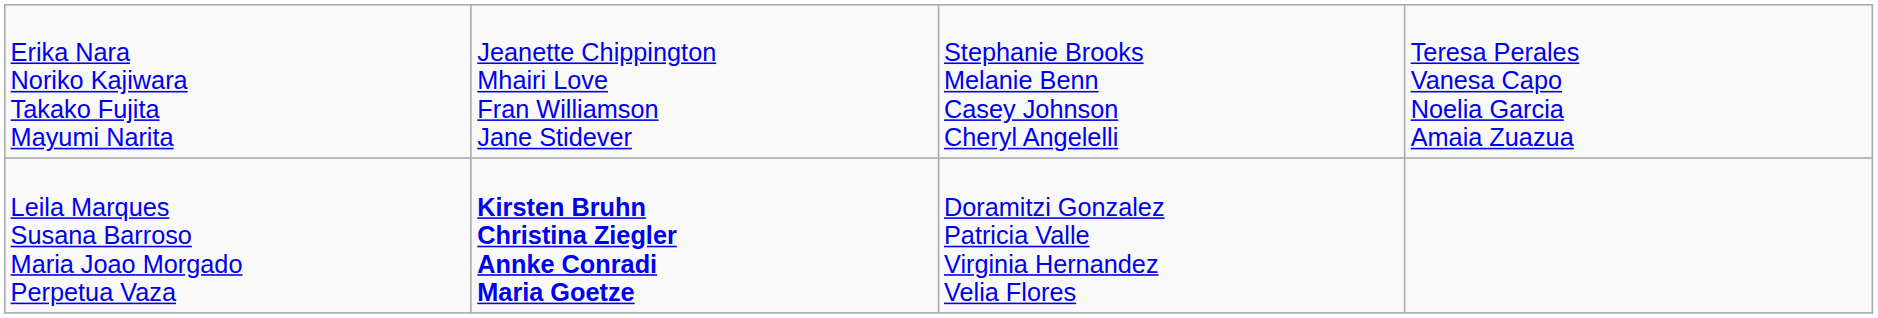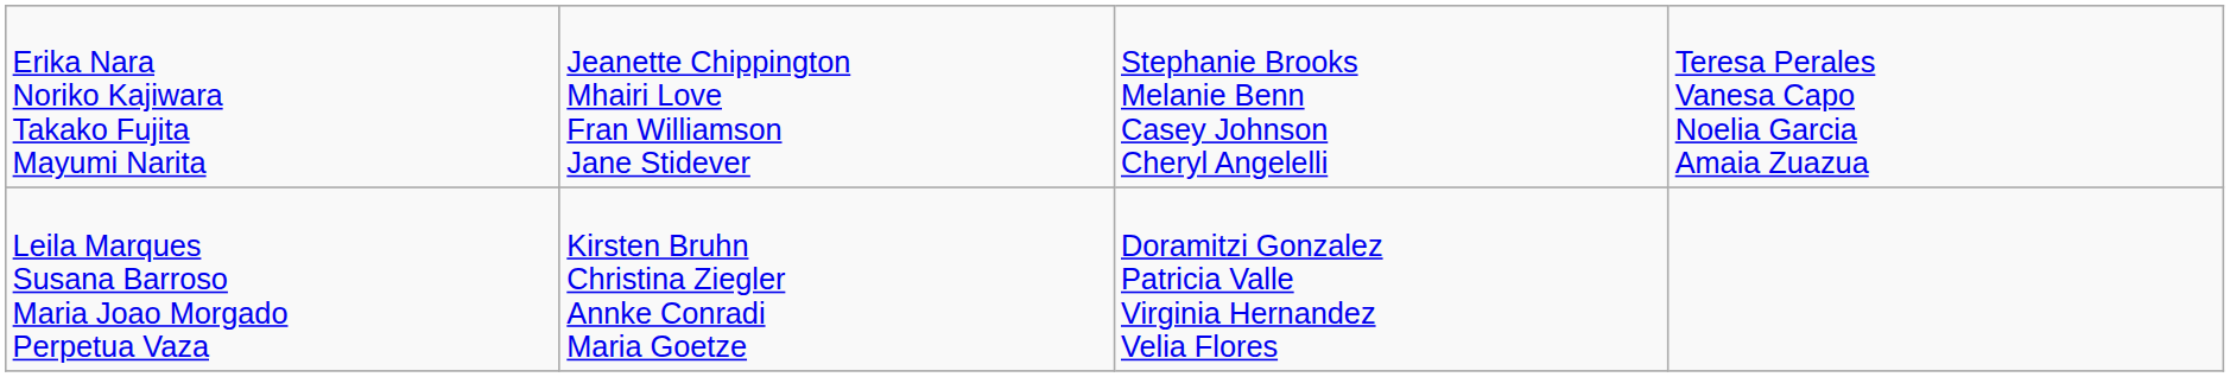 <table class="wikitable">
 <tr>
 <td style="vertical-align:top; width:18em"><br><a href='#'>Erika Nara</a><br><a href='#'>Noriko Kajiwara</a><br><a href='#'>Takako Fujita</a><br><a href='#'>Mayumi Narita</a></td>
 <td style="vertical-align:top; width:18em"><br><a href='#'>Jeanette Chippington</a><br><a href='#'>Mhairi Love</a><br><a href='#'>Fran Williamson</a><br><a href='#'>Jane Stidever</a></td>
 <td style="vertical-align:top; width:18em"><br><a href='#'>Stephanie Brooks</a><br><a href='#'>Melanie Benn</a><br><a href='#'>Casey Johnson</a><br><a href='#'>Cheryl Angelelli</a></td>
 <td style="vertical-align:top; width:18em"><br><a href='#'>Teresa Perales</a><br><a href='#'>Vanesa Capo</a><br><a href='#'>Noelia Garcia</a><br><a href='#'>Amaia Zuazua</a></td>
 </tr>
 <tr>
 <td style="vertical-align:top; width:18em"><br><a href='#'>Leila Marques</a><br><a href='#'>Susana Barroso</a><br><a href='#'>Maria Joao Morgado</a><br><a href='#'>Perpetua Vaza</a></td>
-<td style="vertical-align:top; width:18em"><strong><br><a href='#'>Kirsten Bruhn</a><br><a href='#'>Christina Ziegler</a><br><a href='#'>Annke Conradi</a><br><a href='#'>Maria Goetze</a></strong></td>
+<td style="vertical-align:top; width:18em"><br><a href='#'>Kirsten Bruhn</a><br><a href='#'>Christina Ziegler</a><br><a href='#'>Annke Conradi</a><br><a href='#'>Maria Goetze</a></td>
 <td style="vertical-align:top; width:18em"><br><a href='#'>Doramitzi Gonzalez</a><br><a href='#'>Patricia Valle</a><br><a href='#'>Virginia Hernandez</a><br><a href='#'>Velia Flores</a></td>
 </tr>
 </table>
